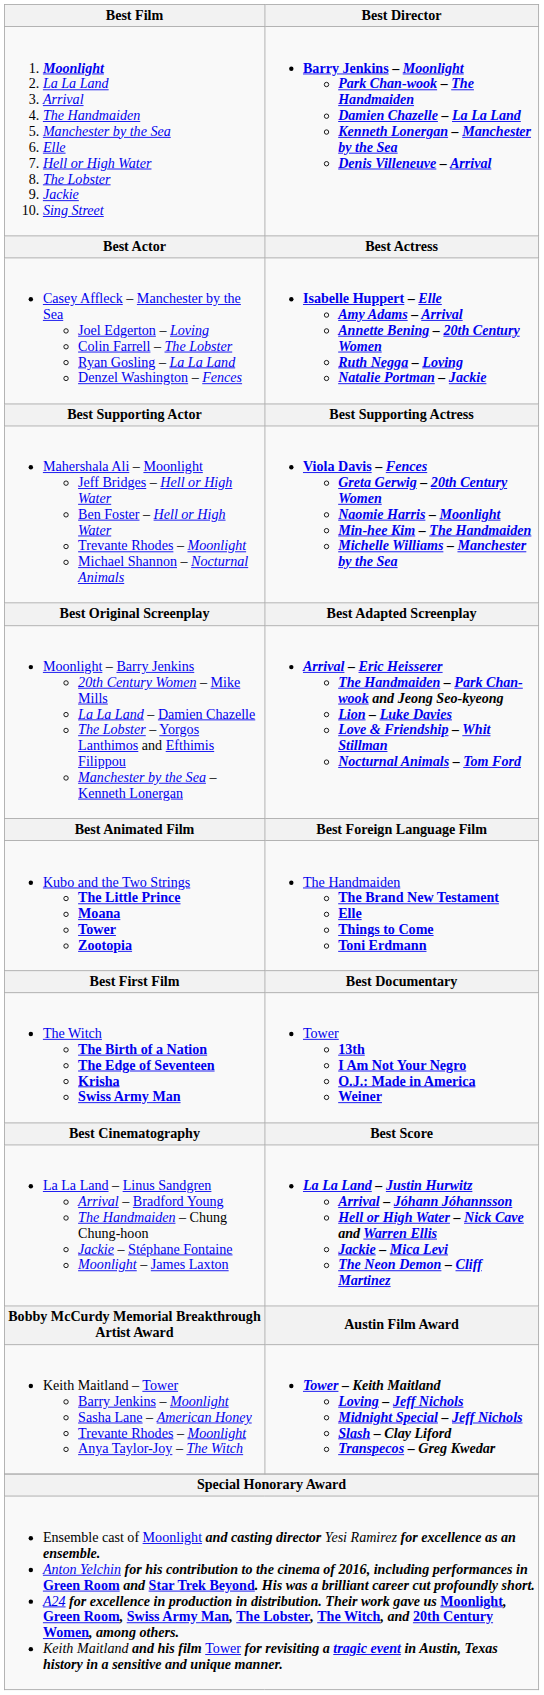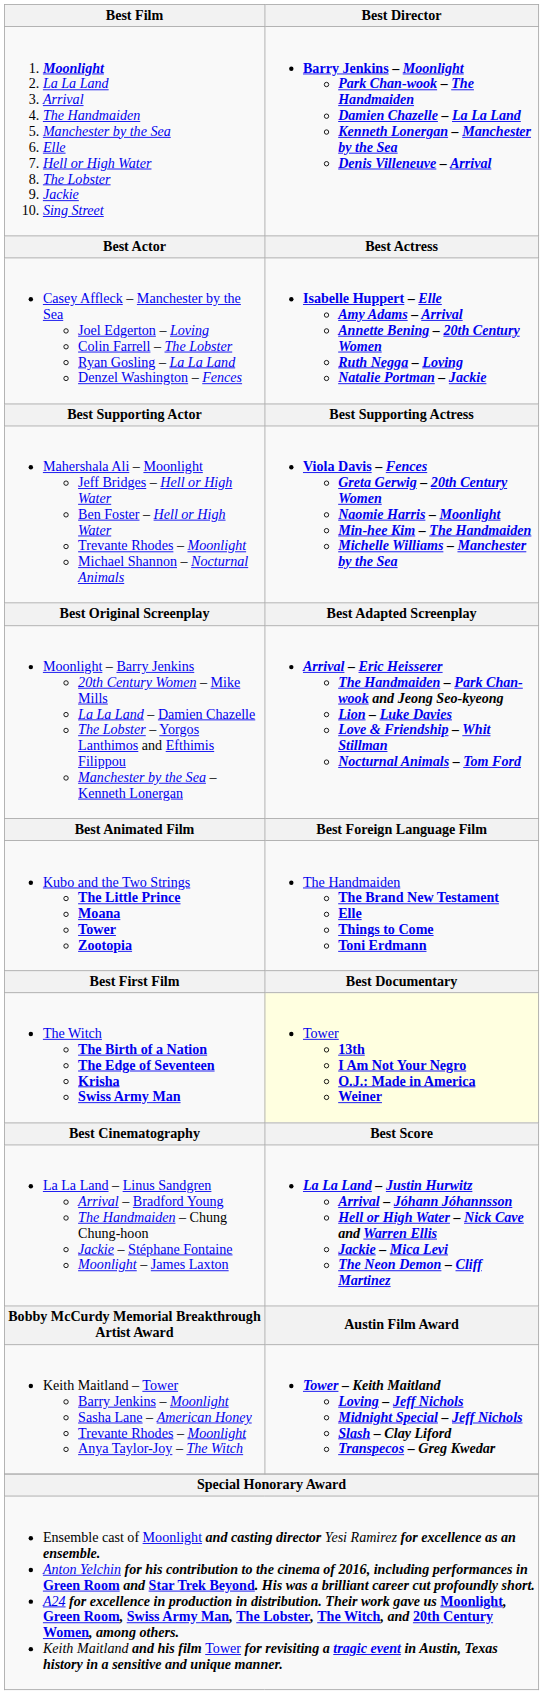 <table class=wikitable style="width=100%">
 <tr>
 <th style="width=50%">Best Film</th>
 <th style="width=50%">Best Director</th>
 </tr>
 <tr>
 <td valign="top"><br><ol><li><strong><em><a href='#'>Moonlight</a></em></strong></li><li><em><a href='#'>La La Land</a></em></li><li><em><a href='#'>Arrival</a></em></li><li><em><a href='#'>The Handmaiden</a></em></li><li><em><a href='#'>Manchester by the Sea</a></em></li><li><em><a href='#'>Elle</a></em></li><li><em><a href='#'>Hell or High Water</a></em></li><li><em><a href='#'>The Lobster</a></em></li><li><em><a href='#'>Jackie</a></em></li><li><em><a href='#'>Sing Street</a></em></li></ol></td>
 <td valign="top"><br><ul><li><strong><a href='#'>Barry Jenkins</a> – <em><a href='#'>Moonlight</a><strong><em><ul><li><a href='#'>Park Chan-wook</a> – </em><a href='#'>The Handmaiden</a><em></li><li><a href='#'>Damien Chazelle</a> – </em><a href='#'>La La Land</a><em></li><li><a href='#'>Kenneth Lonergan</a> – </em><a href='#'>Manchester by the Sea</a><em></li><li><a href='#'>Denis Villeneuve</a> – </em><a href='#'>Arrival</a><em></li></ul></li></ul></td>
 </tr>
 <tr>
 <th style="width=50%">Best Actor</th>
 <th style="width=50%">Best Actress</th>
 </tr>
 <tr>
 <td valign="top"><br><ul><li></strong><a href='#'>Casey Affleck</a> – </em><a href='#'>Manchester by the Sea</a></em></strong><ul><li><a href='#'>Joel Edgerton</a> – <em><a href='#'>Loving</a></em></li><li><a href='#'>Colin Farrell</a> – <em><a href='#'>The Lobster</a></em></li><li><a href='#'>Ryan Gosling</a> – <em><a href='#'>La La Land</a></em></li><li><a href='#'>Denzel Washington</a> – <em><a href='#'>Fences</a></em></li></ul></li></ul></td>
 <td valign="top"><br><ul><li><strong><a href='#'>Isabelle Huppert</a> – <em><a href='#'>Elle</a><strong><em><ul><li><a href='#'>Amy Adams</a> – </em><a href='#'>Arrival</a><em></li><li><a href='#'>Annette Bening</a> – </em><a href='#'>20th Century Women</a><em></li><li><a href='#'>Ruth Negga</a> – </em><a href='#'>Loving</a><em></li><li><a href='#'>Natalie Portman</a> – </em><a href='#'>Jackie</a><em></li></ul></li></ul></td>
 </tr>
 <tr>
 <th style="width=50%">Best Supporting Actor</th>
 <th style="width=50%">Best Supporting Actress</th>
 </tr>
 <tr>
 <td valign="top"><br><ul><li></strong><a href='#'>Mahershala Ali</a> – </em><a href='#'>Moonlight</a></em></strong><ul><li><a href='#'>Jeff Bridges</a> – <em><a href='#'>Hell or High Water</a></em></li><li><a href='#'>Ben Foster</a> – <em><a href='#'>Hell or High Water</a></em></li><li><a href='#'>Trevante Rhodes</a> – <em><a href='#'>Moonlight</a></em></li><li><a href='#'>Michael Shannon</a> – <em><a href='#'>Nocturnal Animals</a></em></li></ul></li></ul></td>
 <td valign="top"><br><ul><li><strong><a href='#'>Viola Davis</a> – <em><a href='#'>Fences</a><strong><em><ul><li><a href='#'>Greta Gerwig</a> – </em><a href='#'>20th Century Women</a><em></li><li><a href='#'>Naomie Harris</a> – </em><a href='#'>Moonlight</a><em></li><li><a href='#'>Min-hee Kim</a> – </em><a href='#'>The Handmaiden</a><em></li><li><a href='#'>Michelle Williams</a> – </em><a href='#'>Manchester by the Sea</a><em></li></ul></li></ul></td>
 </tr>
 <tr>
 <th style="width=50%">Best Original Screenplay</th>
 <th style="width=50%">Best Adapted Screenplay</th>
 </tr>
 <tr>
 <td valign="top"><br><ul><li></em></strong><a href='#'>Moonlight</a></em> – <a href='#'>Barry Jenkins</a></strong><ul><li><em><a href='#'>20th Century Women</a></em> – <a href='#'>Mike Mills</a></li><li><em><a href='#'>La La Land</a></em> – <a href='#'>Damien Chazelle</a></li><li><em><a href='#'>The Lobster</a></em> – <a href='#'>Yorgos Lanthimos</a> and <a href='#'>Efthimis Filippou</a></li><li><em><a href='#'>Manchester by the Sea</a></em> – <a href='#'>Kenneth Lonergan</a></li></ul></li></ul></td>
 <td valign="top"><br><ul><li><strong><em><a href='#'>Arrival</a><em> – <a href='#'>Eric Heisserer</a><strong><ul><li></em><a href='#'>The Handmaiden</a><em> – <a href='#'>Park Chan-wook</a> and Jeong Seo-kyeong</li><li></em><a href='#'>Lion</a><em> – <a href='#'>Luke Davies</a></li><li></em><a href='#'>Love & Friendship</a><em> – <a href='#'>Whit Stillman</a></li><li></em><a href='#'>Nocturnal Animals</a><em> – <a href='#'>Tom Ford</a></li></ul></li></ul></td>
 </tr>
 <tr>
 <th style="width=50%">Best Animated Film</th>
 <th style="width=50%">Best Foreign Language Film</th>
 </tr>
 <tr>
 <td valign="top"><br><ul><li></em></strong><a href='#'>Kubo and the Two Strings</a><strong><em><ul><li></em><a href='#'>The Little Prince</a><em></li><li></em><a href='#'>Moana</a><em></li><li></em><a href='#'>Tower</a><em></li><li></em><a href='#'>Zootopia</a><em></li></ul></li></ul></td>
 <td valign="top"><br><ul><li></em></strong><a href='#'>The Handmaiden</a><strong><em><ul><li></em><a href='#'>The Brand New Testament</a><em></li><li></em><a href='#'>Elle</a><em></li><li></em><a href='#'>Things to Come</a><em></li><li></em><a href='#'>Toni Erdmann</a><em></li></ul></li></ul></td>
 </tr>
 <tr>
 <th style="width=50%">Best First Film</th>
 <th style="width=50%">Best Documentary</th>
 </tr>
 <tr>
 <td valign="top"><br><ul><li></em></strong><a href='#'>The Witch</a><strong><em><ul><li></em><a href='#'>The Birth of a Nation</a><em></li><li></em><a href='#'>The Edge of Seventeen</a><em></li><li></em><a href='#'>Krisha</a><em></li><li></em><a href='#'>Swiss Army Man</a><em></li></ul></li></ul></td>
-<td valign="top"><br><ul><li></em></strong><a href='#'>Tower</a><strong><em><ul><li></em><a href='#'>13th</a><em></li><li></em><a href='#'>I Am Not Your Negro</a><em></li><li></em><a href='#'>O.J.: Made in America</a><em></li><li></em><a href='#'>Weiner</a><em></li></ul></li></ul></td>
+<td valign="top" style="background: lightyellow;"><br><ul><li></em></strong><a href='#'>Tower</a><strong><em><ul><li></em><a href='#'>13th</a><em></li><li></em><a href='#'>I Am Not Your Negro</a><em></li><li></em><a href='#'>O.J.: Made in America</a><em></li><li></em><a href='#'>Weiner</a><em></li></ul></li></ul></td>
 </tr>
 <tr>
 <th style="width=50%">Best Cinematography</th>
 <th style="width=50%">Best Score</th>
 </tr>
 <tr>
 <td valign="top"><br><ul><li></em></strong><a href='#'>La La Land</a></em> – <a href='#'>Linus Sandgren</a></strong><ul><li><em><a href='#'>Arrival</a></em> – <a href='#'>Bradford Young</a></li><li><em><a href='#'>The Handmaiden</a></em> – Chung Chung-hoon</li><li><em><a href='#'>Jackie</a></em> – <a href='#'>Stéphane Fontaine</a></li><li><em><a href='#'>Moonlight</a></em> – <a href='#'>James Laxton</a></li></ul></li></ul></td>
 <td valign="top"><br><ul><li><strong><em><a href='#'>La La Land</a><em> – <a href='#'>Justin Hurwitz</a><strong><ul><li></em><a href='#'>Arrival</a><em> – <a href='#'>Jóhann Jóhannsson</a></li><li></em><a href='#'>Hell or High Water</a><em> – <a href='#'>Nick Cave</a> and <a href='#'>Warren Ellis</a></li><li></em><a href='#'>Jackie</a><em> – <a href='#'>Mica Levi</a></li><li></em><a href='#'>The Neon Demon</a><em> – <a href='#'>Cliff Martinez</a></li></ul></li></ul></td>
 </tr>
 <tr>
 <th style="width=50%">Bobby McCurdy Memorial Breakthrough Artist Award</th>
 <th style="width=50%">Austin Film Award</th>
 </tr>
 <tr>
 <td valign="top"><br><ul><li></strong>Keith Maitland – </em><a href='#'>Tower</a></em></strong><ul><li><a href='#'>Barry Jenkins</a> – <em><a href='#'>Moonlight</a></em></li><li><a href='#'>Sasha Lane</a> – <em><a href='#'>American Honey</a></em></li><li><a href='#'>Trevante Rhodes</a> – <em><a href='#'>Moonlight</a></em></li><li><a href='#'>Anya Taylor-Joy</a> – <em><a href='#'>The Witch</a></em></li></ul></li></ul></td>
 <td valign="top"><br><ul><li><strong><em><a href='#'>Tower</a><em> – Keith Maitland<strong><ul><li></em><a href='#'>Loving</a><em> – <a href='#'>Jeff Nichols</a></li><li></em><a href='#'>Midnight Special</a><em> – <a href='#'>Jeff Nichols</a></li><li></em><a href='#'>Slash</a><em> – Clay Liford</li><li></em><a href='#'>Transpecos</a><em> – Greg Kwedar</li></ul></li></ul></td>
 </tr>
 <tr>
 </tr>
 <tr>
 <th colspan="2">Special Honorary Award</th>
 </tr>
 <tr>
 <td colspan=2 valign="top" width="50%"><br><ul><li>Ensemble cast of </em></strong><a href='#'>Moonlight</a><strong><em> and casting director </strong>Yesi Ramirez<strong> for excellence as an ensemble.</li><li></strong><a href='#'>Anton Yelchin</a><strong> for his contribution to the cinema of 2016, including performances in </em><a href='#'>Green Room</a><em> and </em><a href='#'>Star Trek Beyond</a><em>. His was a brilliant career cut profoundly short.</li><li></strong><a href='#'>A24</a><strong> for excellence in production in distribution. Their work gave us </em><a href='#'>Moonlight</a><em>, </em><a href='#'>Green Room</a><em>, </em><a href='#'>Swiss Army Man</a><em>, </em><a href='#'>The Lobster</a><em>, </em><a href='#'>The Witch</a><em>, and </em><a href='#'>20th Century Women</a><em>, among others.</li><li></strong>Keith Maitland<strong> and his film </em></strong><a href='#'>Tower</a><strong><em> for revisiting a <a href='#'>tragic event</a> in Austin, Texas history in a sensitive and unique manner.</li></ul></td>
 </tr>
 </table>
